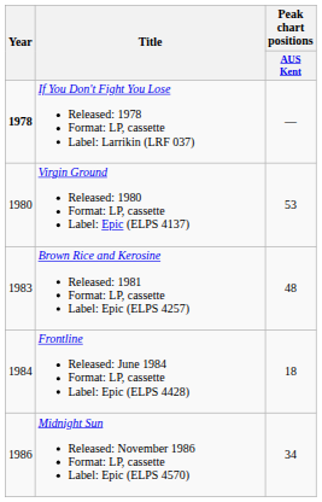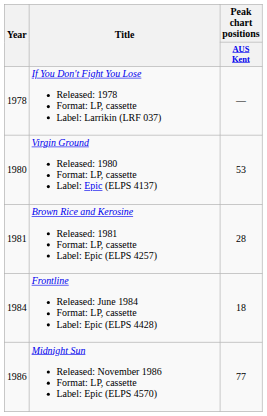 <table class="wikitable">
 <tr>
 <th rowspan="2" width="33">Year</th>
 <th rowspan="2" width="300">Title</th>
 <th colspan="1">Peak chart positions</th>
 </tr>
 <tr>
 <th style="width:3em;font-size:85%"><a href='#'>AUS<br>Kent</a><br></th>
 </tr>
 <tr>
-<td align="center"><strong>1978</strong></td>
+<td align="center">1978</td>
 <td><em><a href='#'>If You Don't Fight You Lose</a></em><br><ul><li>Released: 1978</li><li>Format: LP, cassette</li><li>Label: Larrikin (LRF 037)</li></ul></td>
 <td align="center">—</td>
 </tr>
 <tr>
 <td align="center">1980</td>
 <td><em><a href='#'>Virgin Ground</a></em><br><ul><li>Released: 1980</li><li>Format: LP, cassette</li><li>Label: <a href='#'>Epic</a> (ELPS 4137)</li></ul></td>
 <td align="center">53</td>
 </tr>
 <tr>
-<td align="center">1983</td>
+<td align="center">1981</td>
 <td><em><a href='#'>Brown Rice and Kerosine</a></em><br><ul><li>Released: 1981</li><li>Format: LP, cassette</li><li>Label: Epic (ELPS 4257)</li></ul></td>
-<td align="center">48</td>
+<td align="center">28</td>
 </tr>
 <tr>
 <td align="center">1984</td>
 <td><em><a href='#'>Frontline</a></em><br><ul><li>Released: June 1984</li><li>Format: LP, cassette</li><li>Label: Epic (ELPS 4428)</li></ul></td>
 <td align="center">18</td>
 </tr>
 <tr>
 <td align="center">1986</td>
 <td><em><a href='#'>Midnight Sun</a></em><br><ul><li>Released: November 1986</li><li>Format: LP, cassette</li><li>Label: Epic (ELPS 4570)</li></ul></td>
-<td align="center">34</td>
+<td align="center">77</td>
 </tr>
 </table>
